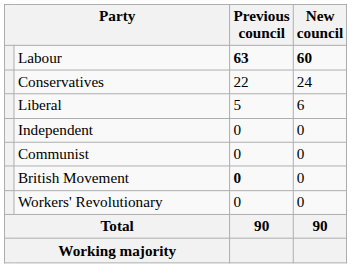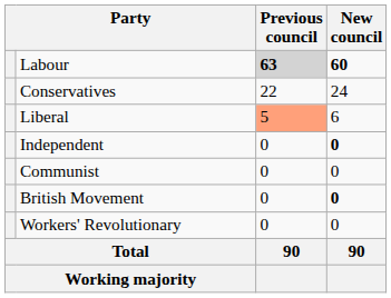 <table class="wikitable">
 <tr>
 <th valign=top colspan="2" style="width: 230px">Party</th>
 <th valign=top style="width: 30px">Previous council</th>
 <th valign=top style="width: 30px">New council</th>
 </tr>
 <tr>
 <th style="background-color: "></th>
 <td>Labour</td>
-<td><strong>63</strong></td>
+<td style="background: lightgrey;"><strong>63</strong></td>
 <td><strong>60</strong></td>
 </tr>
 <tr>
 <th style="background-color: "></th>
 <td>Conservatives</td>
 <td>22</td>
 <td>24</td>
 </tr>
 <tr>
 <th style="background-color: "></th>
 <td>Liberal</td>
-<td>5</td>
+<td style="background: lightsalmon;">5</td>
 <td>6</td>
 </tr>
 <tr>
 <th style="background-color: "></th>
 <td>Independent</td>
 <td>0</td>
-<td>0</td>
+<td><strong>0</strong></td>
 </tr>
 <tr>
 <th style="background-color: "></th>
 <td>Communist</td>
 <td>0</td>
 <td>0</td>
 </tr>
 <tr>
 <th style="background-color: "></th>
 <td>British Movement</td>
+<td>0</td>
 <td><strong>0</strong></td>
-<td>0</td>
 </tr>
 <tr>
 <th style="background-color: "></th>
 <td>Workers' Revolutionary</td>
 <td>0</td>
 <td>0</td>
 </tr>
 <tr>
 <th colspan=2>Total</th>
 <th style="text-align: center">90</th>
 <th colspan=3>90</th>
 </tr>
 <tr>
 <th colspan=2>Working majority</th>
 <th></th>
 <th></th>
 </tr>
 </table>
